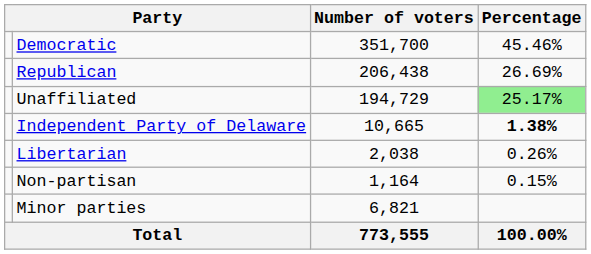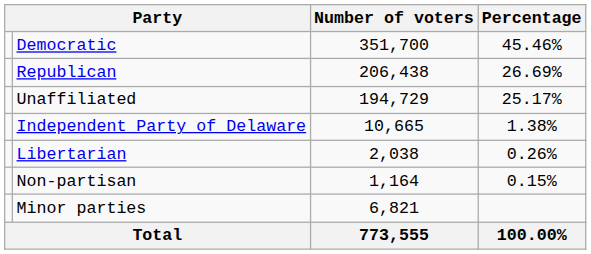 <table class=wikitable>
 <tr>
 <th colspan = 2>Party</th>
 <th>Number of voters</th>
 <th>Percentage</th>
 </tr>
 <tr>
 <td></td>
 <td><a href='#'>Democratic</a></td>
 <td style="text-align:center;">351,700</td>
 <td style="text-align:center;">45.46%</td>
 </tr>
 <tr>
 <td></td>
 <td><a href='#'>Republican</a></td>
 <td style="text-align:center;">206,438</td>
 <td style="text-align:center;">26.69%</td>
 </tr>
 <tr>
 <td></td>
 <td>Unaffiliated</td>
 <td style="text-align:center;">194,729</td>
-<td style="background: lightgreen; text-align:center;">25.17%</td>
+<td style="text-align:center;">25.17%</td>
 </tr>
 <tr>
 <td></td>
 <td><a href='#'>Independent Party of Delaware</a></td>
 <td style="text-align:center;">10,665</td>
-<td style="text-align:center;"><strong>1.38%</strong></td>
+<td style="text-align:center;">1.38%</td>
 </tr>
 <tr>
 <td></td>
 <td><a href='#'>Libertarian</a></td>
 <td style="text-align:center;">2,038</td>
 <td style="text-align:center;">0.26%</td>
 </tr>
 <tr>
 <td></td>
 <td>Non-partisan</td>
 <td style="text-align:center;">1,164</td>
 <td style="text-align:center;">0.15%</td>
 </tr>
 <tr>
 <td></td>
 <td>Minor parties</td>
 <td style="text-align:center;">6,821</td>
 <td style="text-align:center;"></td>
 </tr>
 <tr>
 <th colspan = 2>Total</th>
 <th style="text-align:center;">773,555</th>
 <th style="text-align:center;">100.00%</th>
 </tr>
 </table>
